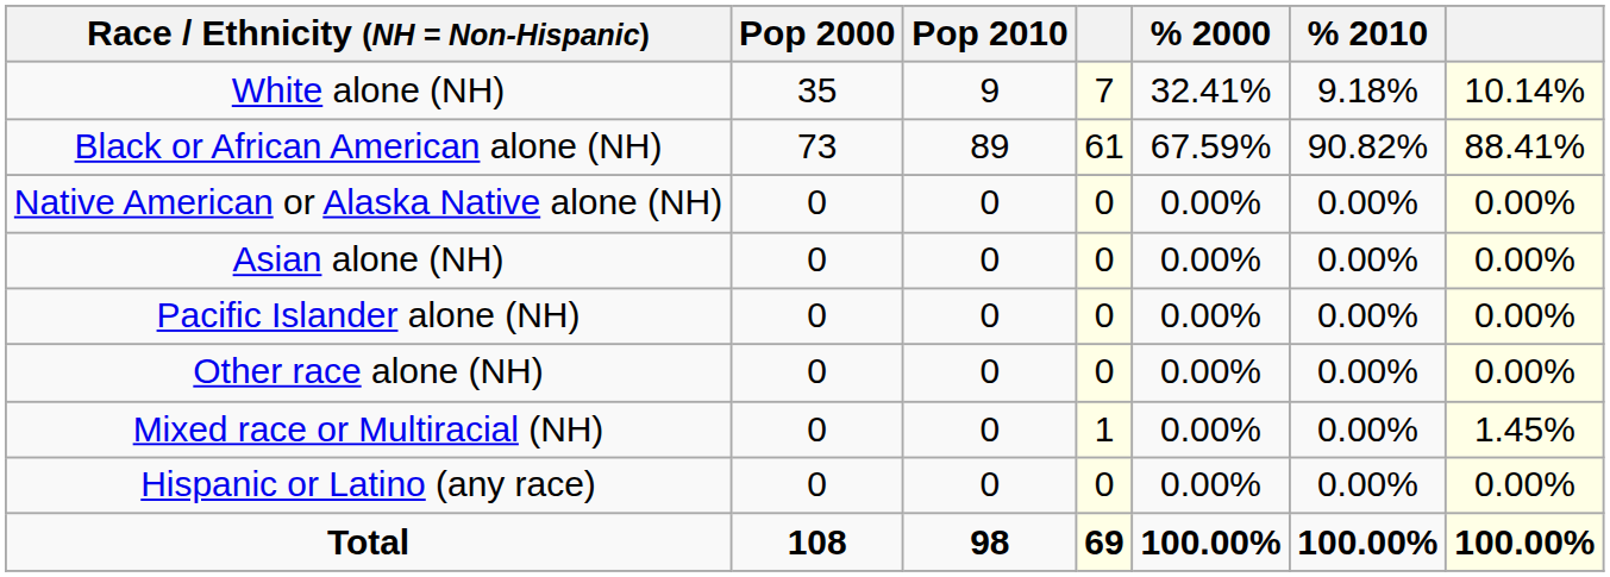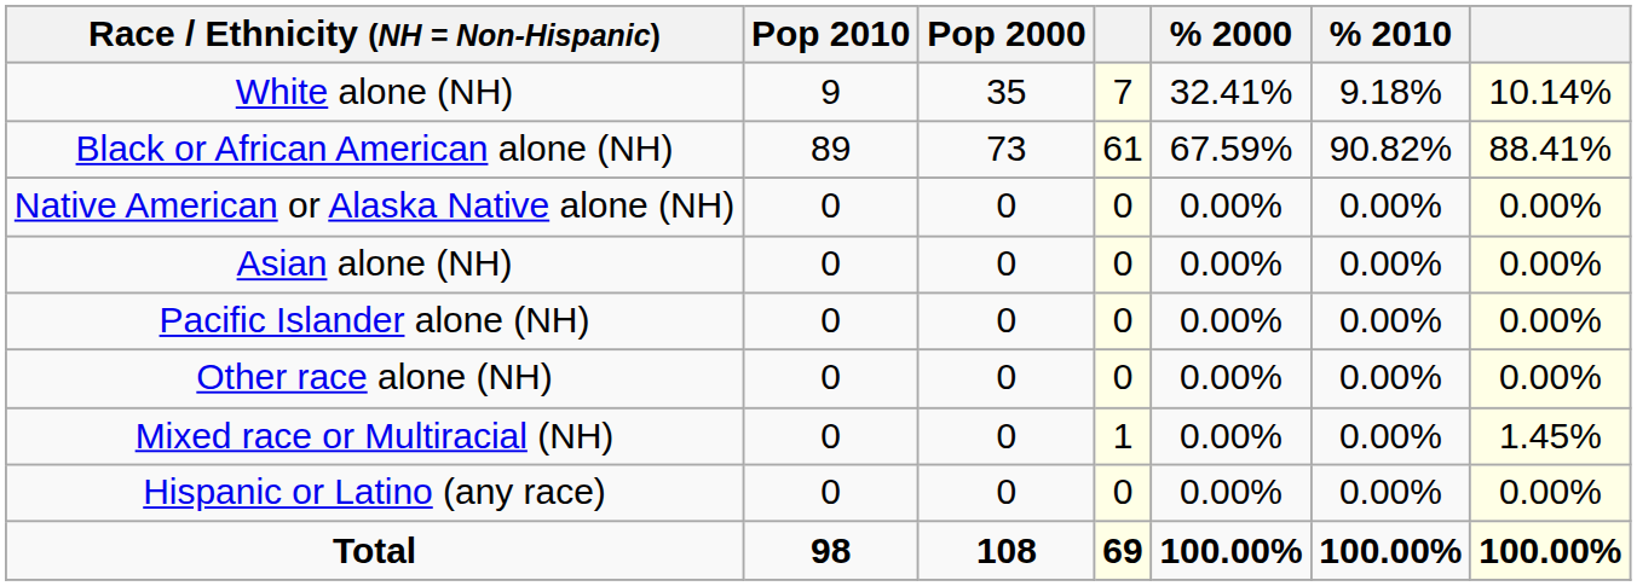 <table class="wikitable" style="text-align:center;">
 <tr>
 <th>Race / Ethnicity <small>(<em>NH = Non-Hispanic</em>)</small></th>
+<th>Pop 2010</th>
 <th>Pop 2000</th>
-<th>Pop 2010</th>
 <th></th>
 <th>% 2000</th>
 <th>% 2010</th>
 <th></th>
 </tr>
 <tr>
 <td><a href='#'>White</a> alone (NH)</td>
+<td>9</td>
 <td>35</td>
-<td>9</td>
 <td style='background: #ffffe6;'>7</td>
 <td>32.41%</td>
 <td>9.18%</td>
 <td style='background: #ffffe6;'>10.14%</td>
 </tr>
 <tr>
 <td><a href='#'>Black or African American</a> alone (NH)</td>
+<td>89</td>
 <td>73</td>
-<td>89</td>
 <td style='background: #ffffe6;'>61</td>
 <td>67.59%</td>
 <td>90.82%</td>
 <td style='background: #ffffe6;'>88.41%</td>
 </tr>
 <tr>
 <td><a href='#'>Native American</a> or <a href='#'>Alaska Native</a> alone (NH)</td>
 <td>0</td>
 <td>0</td>
 <td style='background: #ffffe6;'>0</td>
 <td>0.00%</td>
 <td>0.00%</td>
 <td style='background: #ffffe6;'>0.00%</td>
 </tr>
 <tr>
 <td><a href='#'>Asian</a> alone (NH)</td>
 <td>0</td>
 <td>0</td>
 <td style='background: #ffffe6;'>0</td>
 <td>0.00%</td>
 <td>0.00%</td>
 <td style='background: #ffffe6;'>0.00%</td>
 </tr>
 <tr>
 <td><a href='#'>Pacific Islander</a> alone (NH)</td>
 <td>0</td>
 <td>0</td>
 <td style='background: #ffffe6;'>0</td>
 <td>0.00%</td>
 <td>0.00%</td>
 <td style='background: #ffffe6;'>0.00%</td>
 </tr>
 <tr>
 <td><a href='#'>Other race</a> alone (NH)</td>
 <td>0</td>
 <td>0</td>
 <td style='background: #ffffe6;'>0</td>
 <td>0.00%</td>
 <td>0.00%</td>
 <td style='background: #ffffe6;'>0.00%</td>
 </tr>
 <tr>
 <td><a href='#'>Mixed race or Multiracial</a> (NH)</td>
 <td>0</td>
 <td>0</td>
 <td style='background: #ffffe6;'>1</td>
 <td>0.00%</td>
 <td>0.00%</td>
 <td style='background: #ffffe6;'>1.45%</td>
 </tr>
 <tr>
 <td><a href='#'>Hispanic or Latino</a> (any race)</td>
 <td>0</td>
 <td>0</td>
 <td style='background: #ffffe6;'>0</td>
 <td>0.00%</td>
 <td>0.00%</td>
 <td style='background: #ffffe6;'>0.00%</td>
 </tr>
 <tr>
 <td><strong>Total</strong></td>
+<td><strong>98</strong></td>
 <td><strong>108</strong></td>
-<td><strong>98</strong></td>
 <td style='background: #ffffe6;'><strong>69</strong></td>
 <td><strong>100.00%</strong></td>
 <td><strong>100.00%</strong></td>
 <td style='background: #ffffe6;'><strong>100.00%</strong></td>
 </tr>
 </table>
